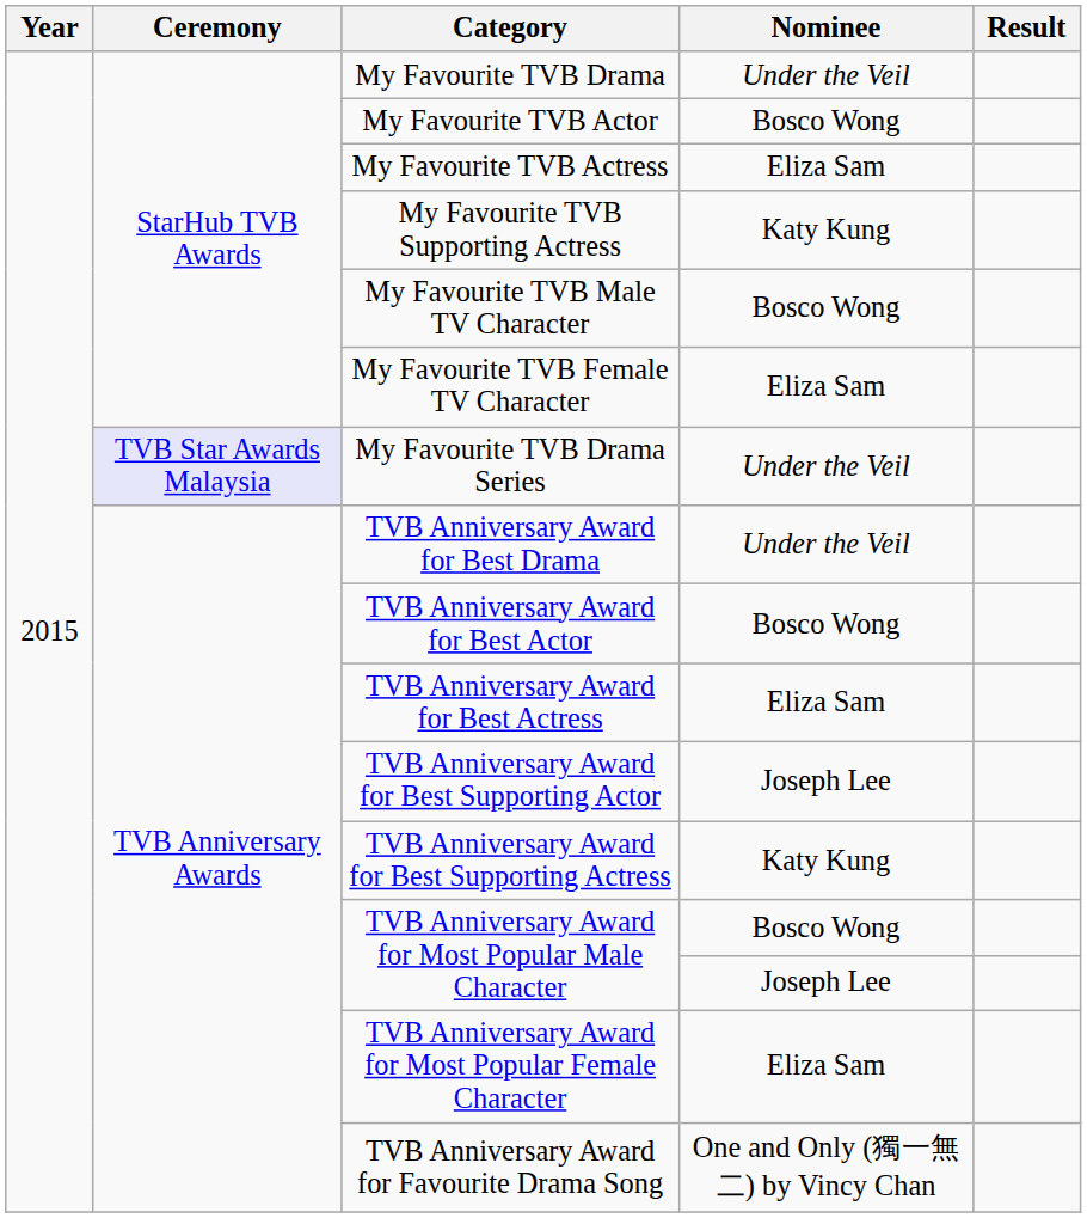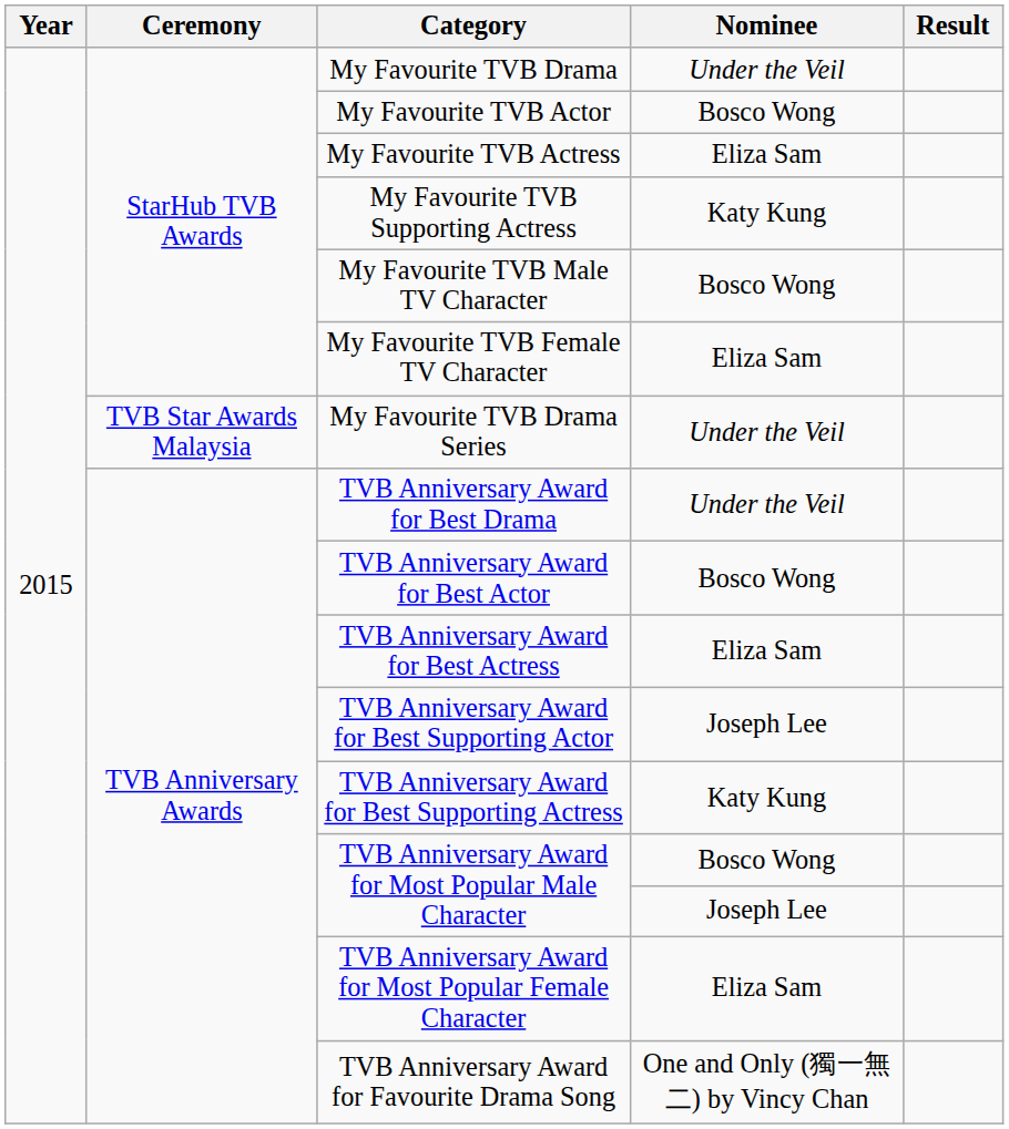 <table class="wikitable" style="width:95%;">
 <tr>
 <th style="width:50px;">Year</th>
 <th style="width:180px;">Ceremony</th>
 <th style="width:280px;">Category</th>
 <th style="width:250px;">Nominee</th>
 <th style="width:60px;">Result</th>
 </tr>
 <tr>
 <td align="center" rowspan=16>2015</td>
 <td align="center" rowspan=6><a href='#'>StarHub TVB Awards</a></td>
 <td align="center">My Favourite TVB Drama</td>
 <td align="center"><em>Under the Veil</em></td>
 <td></td>
 </tr>
 <tr>
 <td align="center">My Favourite TVB Actor</td>
 <td align="center">Bosco Wong</td>
 <td></td>
 </tr>
 <tr>
 <td align="center">My Favourite TVB Actress</td>
 <td align="center">Eliza Sam</td>
 <td></td>
 </tr>
 <tr>
 <td align="center">My Favourite TVB Supporting Actress</td>
 <td align="center">Katy Kung</td>
 <td></td>
 </tr>
 <tr>
 <td align="center">My Favourite TVB Male TV Character</td>
 <td align="center">Bosco Wong</td>
 <td></td>
 </tr>
 <tr>
 <td align="center">My Favourite TVB Female TV Character</td>
 <td align="center">Eliza Sam</td>
 <td></td>
 </tr>
 <tr>
-<td align="center" style="background: lavender;"><a href='#'>TVB Star Awards Malaysia</a></td>
+<td align="center"><a href='#'>TVB Star Awards Malaysia</a></td>
 <td align="center">My Favourite TVB Drama Series</td>
 <td align="center"><em>Under the Veil</em></td>
 <td></td>
 </tr>
 <tr>
 <td align="center" rowspan=9><a href='#'>TVB Anniversary Awards</a></td>
 <td align="center"><a href='#'>TVB Anniversary Award for Best Drama</a></td>
 <td align="center"><em>Under the Veil</em></td>
 <td></td>
 </tr>
 <tr>
 <td align="center"><a href='#'>TVB Anniversary Award for Best Actor</a></td>
 <td align="center">Bosco Wong</td>
 <td></td>
 </tr>
 <tr>
 <td align="center"><a href='#'>TVB Anniversary Award for Best Actress</a></td>
 <td align="center">Eliza Sam</td>
 <td></td>
 </tr>
 <tr>
 <td align="center"><a href='#'>TVB Anniversary Award for Best Supporting Actor</a></td>
 <td align="center">Joseph Lee</td>
 <td></td>
 </tr>
 <tr>
 <td align="center"><a href='#'>TVB Anniversary Award for Best Supporting Actress</a></td>
 <td align="center">Katy Kung</td>
 <td></td>
 </tr>
 <tr>
 <td rowspan=2 align="center"><a href='#'>TVB Anniversary Award for Most Popular Male Character</a></td>
 <td align="center">Bosco Wong</td>
 <td></td>
 </tr>
 <tr>
 <td align="center">Joseph Lee</td>
 <td></td>
 </tr>
 <tr>
 <td align="center"><a href='#'>TVB Anniversary Award for Most Popular Female Character</a></td>
 <td align="center">Eliza Sam</td>
 <td></td>
 </tr>
 <tr>
 <td align="center">TVB Anniversary Award for Favourite Drama Song</td>
 <td align="center">One and Only (獨一無二) by Vincy Chan</td>
 <td></td>
 </tr>
 </table>
